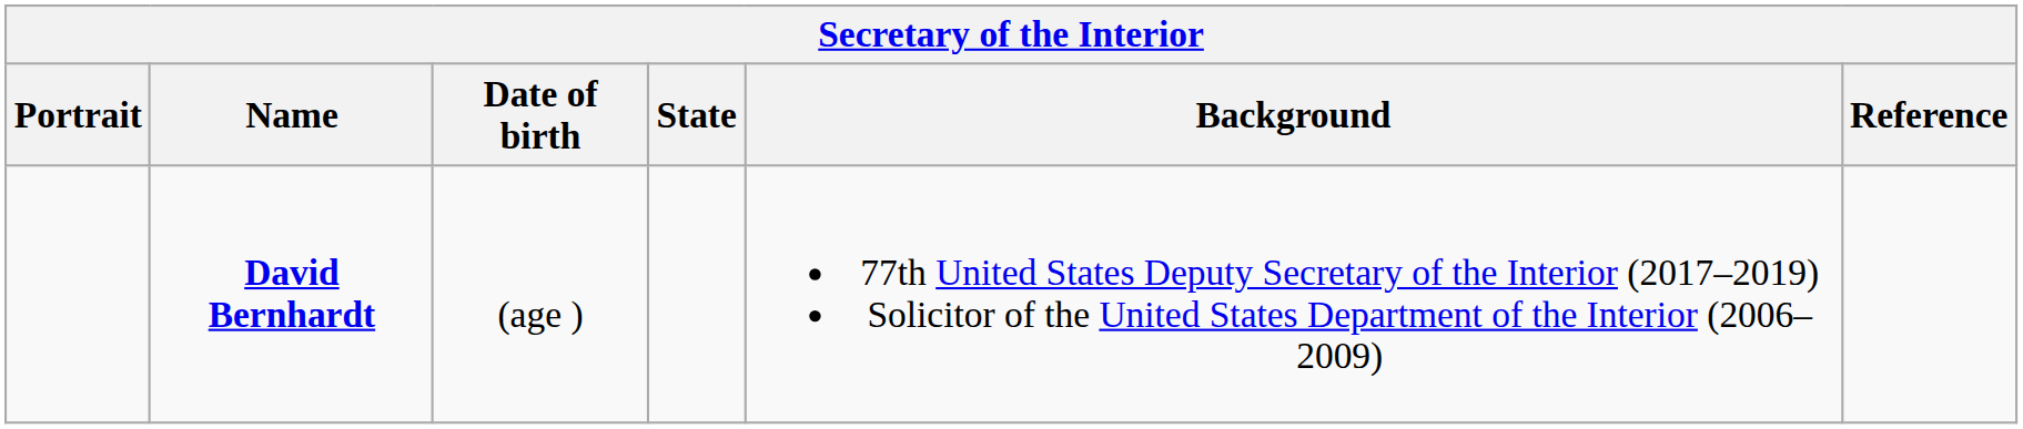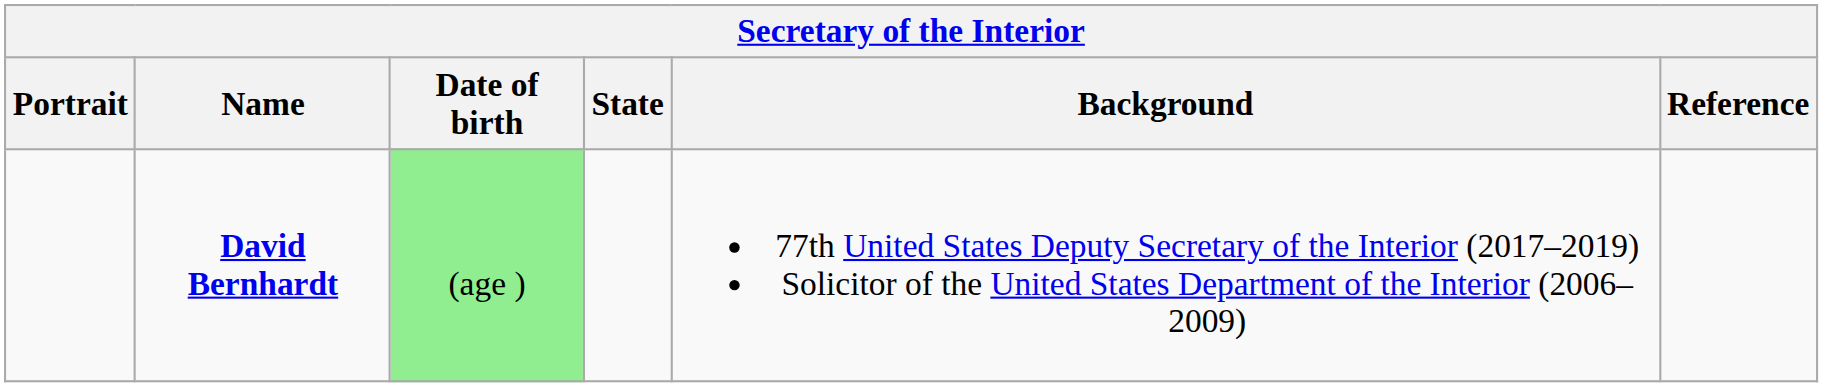 <table class="wikitable collapsible" style="text-align:center;">
 <tr>
 <th colspan="6"><a href='#'>Secretary of the Interior</a></th>
 </tr>
 <tr>
 <th>Portrait</th>
 <th>Name</th>
 <th>Date of birth</th>
 <th>State</th>
 <th>Background</th>
 <th>Reference</th>
 </tr>
 <tr>
 <td></td>
 <td><strong><a href='#'>David Bernhardt</a></strong></td>
-<td><br>(age )</td>
+<td style="background: lightgreen;"><br>(age )</td>
 <td></td>
 <td><br><ul><li>77th <a href='#'>United States Deputy Secretary of the Interior</a> (2017–2019)</li><li>Solicitor of the <a href='#'>United States Department of the Interior</a> (2006–2009)</li></ul></td>
 <td></td>
 </tr>
 </table>
